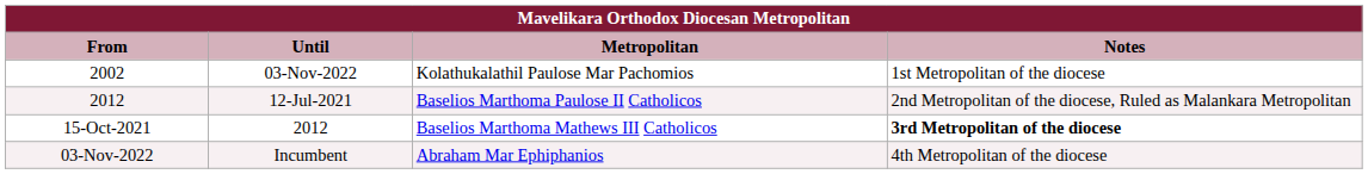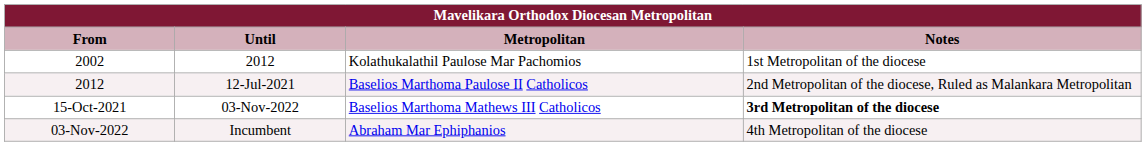 <table class="wikitable" style="width: 100%;">
 <tr>
 <th colspan="4" style="background-color: #7F1734; color: white;">Mavelikara Orthodox Diocesan Metropolitan</th>
 </tr>
 <tr>
 <th style="background-color: #D4B1BB; width: 15%;">From</th>
 <th style="background-color: #D4B1BB; width: 15%;">Until</th>
 <th style="background-color: #D4B1BB; width: 35%;">Metropolitan</th>
 <th style="background-color: #D4B1BB; width: 35%;">Notes</th>
 </tr>
 <tr valign="top" style="background-color: white;">
 <td style="text-align: center;">2002</td>
-<td style="text-align: center;">03-Nov-2022</td>
+<td style="text-align: center;">2012</td>
 <td>Kolathukalathil Paulose Mar Pachomios</td>
 <td>1st Metropolitan of  the diocese</td>
 </tr>
 <tr valign="top" style="background-color: #F7F0F2;">
 <td style="text-align: center;">2012</td>
 <td style="text-align: center;">12-Jul-2021</td>
 <td><a href='#'>Baselios Marthoma Paulose II</a> <a href='#'>Catholicos</a></td>
 <td>2nd Metropolitan of  the diocese, Ruled as Malankara Metropolitan</td>
 </tr>
 <tr valign="top" style="background-color: white;">
 <td style="text-align: center;">15-Oct-2021</td>
-<td style="text-align: center;">2012</td>
+<td style="text-align: center;">03-Nov-2022</td>
 <td><a href='#'>Baselios Marthoma Mathews III</a> <a href='#'>Catholicos</a></td>
 <td><strong>3rd Metropolitan of  the diocese</strong></td>
 </tr>
 <tr valign="top" style="background-color: #F7F0F2;">
 <td style="text-align: center;">03-Nov-2022</td>
 <td style="text-align: center;">Incumbent</td>
 <td><a href='#'>Abraham Mar Ephiphanios</a></td>
 <td>4th Metropolitan of  the diocese</td>
 </tr>
 </table>
